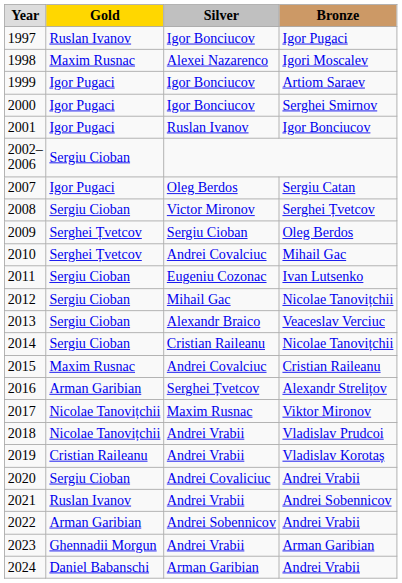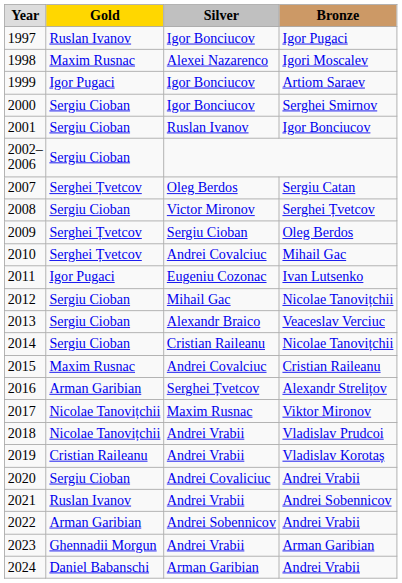 <table class="wikitable" style="text-align:left;">
 <tr>
 <td style="background:#DDDDDD; font-weight:bold; text-align:center;">Year</td>
 <td style="background:gold; font-weight:bold; text-align:center;">Gold</td>
 <td style="background:silver; font-weight:bold; text-align:center;">Silver</td>
 <td style="background:#cc9966; font-weight:bold; text-align:center;">Bronze</td>
 </tr>
 <tr>
 <td>1997</td>
 <td><a href='#'>Ruslan Ivanov</a></td>
 <td><a href='#'>Igor Bonciucov</a></td>
 <td><a href='#'>Igor Pugaci</a></td>
 </tr>
 <tr>
 <td>1998</td>
 <td><a href='#'>Maxim Rusnac</a></td>
 <td><a href='#'>Alexei Nazarenco</a></td>
 <td><a href='#'>Igori Moscalev</a></td>
 </tr>
 <tr>
 <td>1999</td>
 <td><a href='#'>Igor Pugaci</a></td>
 <td><a href='#'>Igor Bonciucov</a></td>
 <td><a href='#'>Artiom Saraev</a></td>
 </tr>
 <tr>
 <td>2000</td>
-<td><a href='#'>Igor Pugaci</a></td>
+<td><a href='#'>Sergiu Cioban</a></td>
 <td><a href='#'>Igor Bonciucov</a></td>
 <td><a href='#'>Serghei Smirnov</a></td>
 </tr>
 <tr>
 <td>2001</td>
-<td><a href='#'>Igor Pugaci</a></td>
+<td><a href='#'>Sergiu Cioban</a></td>
 <td><a href='#'>Ruslan Ivanov</a></td>
 <td><a href='#'>Igor Bonciucov</a></td>
 </tr>
 <tr>
 <td>2002–<br>2006</td>
 <td><a href='#'>Sergiu Cioban</a></td>
 </tr>
 <tr>
 <td>2007</td>
-<td><a href='#'>Igor Pugaci</a></td>
+<td><a href='#'>Serghei Țvetcov</a></td>
 <td><a href='#'>Oleg Berdos</a></td>
 <td><a href='#'>Sergiu Catan</a></td>
 </tr>
 <tr>
 <td>2008</td>
 <td><a href='#'>Sergiu Cioban</a></td>
 <td><a href='#'>Victor Mironov</a></td>
 <td><a href='#'>Serghei Țvetcov</a></td>
 </tr>
 <tr>
 <td>2009</td>
 <td><a href='#'>Serghei Țvetcov</a></td>
 <td><a href='#'>Sergiu Cioban</a></td>
 <td><a href='#'>Oleg Berdos</a></td>
 </tr>
 <tr>
 <td>2010</td>
 <td><a href='#'>Serghei Țvetcov</a></td>
 <td><a href='#'>Andrei Covalciuc</a></td>
 <td><a href='#'>Mihail Gac</a></td>
 </tr>
 <tr>
 <td>2011</td>
-<td><a href='#'>Sergiu Cioban</a></td>
+<td><a href='#'>Igor Pugaci</a></td>
 <td><a href='#'>Eugeniu Cozonac</a></td>
 <td><a href='#'>Ivan Lutsenko</a></td>
 </tr>
 <tr>
 <td>2012</td>
 <td><a href='#'>Sergiu Cioban</a></td>
 <td><a href='#'>Mihail Gac</a></td>
 <td><a href='#'>Nicolae Tanovițchii</a></td>
 </tr>
 <tr>
 <td>2013</td>
 <td><a href='#'>Sergiu Cioban</a></td>
 <td><a href='#'>Alexandr Braico</a></td>
 <td><a href='#'>Veaceslav Verciuc</a></td>
 </tr>
 <tr>
 <td>2014</td>
 <td><a href='#'>Sergiu Cioban</a></td>
 <td><a href='#'>Cristian Raileanu</a></td>
 <td><a href='#'>Nicolae Tanovițchii</a></td>
 </tr>
 <tr>
 <td>2015</td>
 <td><a href='#'>Maxim Rusnac</a></td>
 <td><a href='#'>Andrei Covalciuc</a></td>
 <td><a href='#'>Cristian Raileanu</a></td>
 </tr>
 <tr>
 <td>2016</td>
 <td><a href='#'>Arman Garibian</a></td>
 <td><a href='#'>Serghei Țvetcov</a></td>
 <td><a href='#'>Alexandr Strelițov</a></td>
 </tr>
 <tr>
 <td>2017</td>
 <td><a href='#'>Nicolae Tanovițchii</a></td>
 <td><a href='#'>Maxim Rusnac</a></td>
 <td><a href='#'>Viktor Mironov</a></td>
 </tr>
 <tr>
 <td>2018</td>
 <td><a href='#'>Nicolae Tanovițchii</a></td>
 <td><a href='#'>Andrei Vrabii</a></td>
 <td><a href='#'>Vladislav Prudcoi</a></td>
 </tr>
 <tr>
 <td>2019</td>
 <td><a href='#'>Cristian Raileanu</a></td>
 <td><a href='#'>Andrei Vrabii</a></td>
 <td><a href='#'>Vladislav Korotaș</a></td>
 </tr>
 <tr>
 <td>2020</td>
 <td><a href='#'>Sergiu Cioban</a></td>
 <td><a href='#'>Andrei Covaliciuc</a></td>
 <td><a href='#'>Andrei Vrabii</a></td>
 </tr>
 <tr>
 <td>2021</td>
 <td><a href='#'>Ruslan Ivanov</a></td>
 <td><a href='#'>Andrei Vrabii</a></td>
 <td><a href='#'>Andrei Sobennicov</a></td>
 </tr>
 <tr>
 <td>2022</td>
 <td><a href='#'>Arman Garibian</a></td>
 <td><a href='#'>Andrei Sobennicov</a></td>
 <td><a href='#'>Andrei Vrabii</a></td>
 </tr>
 <tr>
 <td>2023</td>
 <td><a href='#'>Ghennadii Morgun</a></td>
 <td><a href='#'>Andrei Vrabii</a></td>
 <td><a href='#'>Arman Garibian</a></td>
 </tr>
 <tr>
 <td>2024</td>
 <td><a href='#'>Daniel Babanschi</a></td>
 <td><a href='#'>Arman Garibian</a></td>
 <td><a href='#'>Andrei Vrabii</a></td>
 </tr>
 </table>
